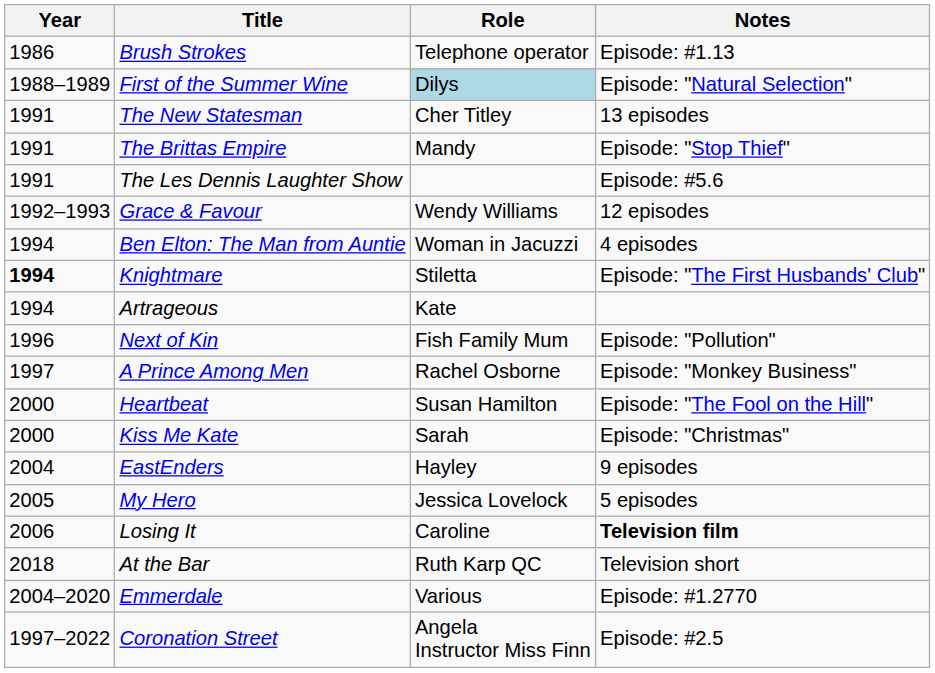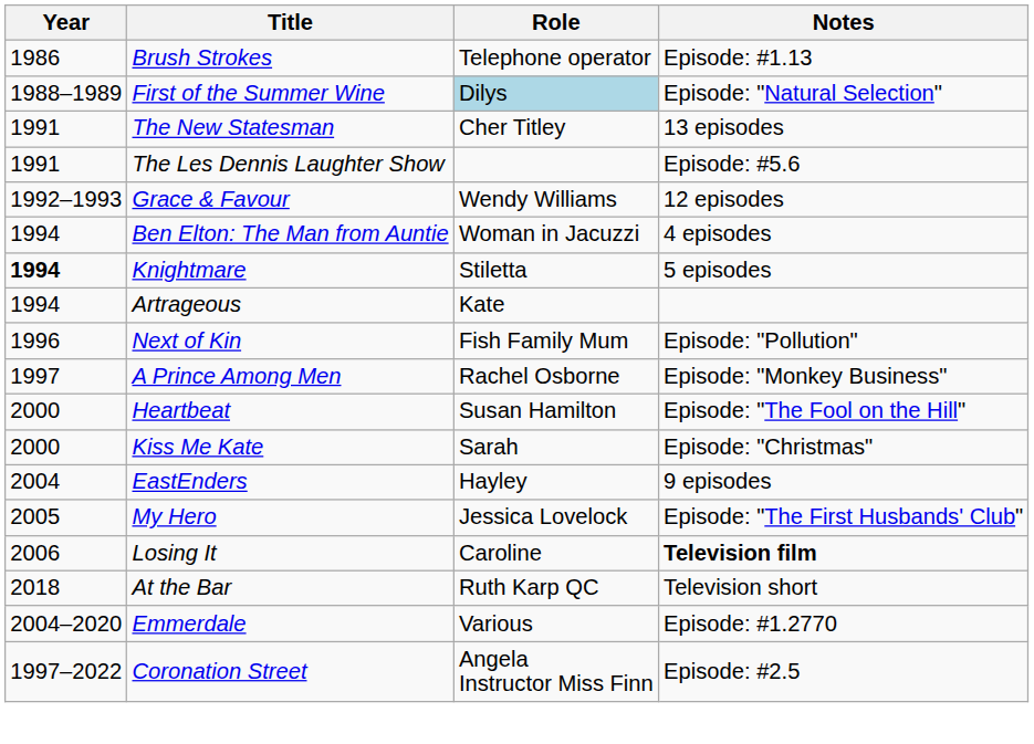 <table class="wikitable sortable">
 <tr>
 <th>Year</th>
 <th>Title</th>
 <th>Role</th>
 <th class="unsortable">Notes</th>
 </tr>
 <tr>
 <td>1986</td>
 <td><em><a href='#'>Brush Strokes</a></em></td>
 <td>Telephone operator</td>
 <td>Episode: #1.13</td>
 </tr>
 <tr>
 <td>1988–1989</td>
 <td><em><a href='#'>First of the Summer Wine</a></em></td>
 <td style="background: lightblue;">Dilys</td>
 <td>Episode: "<a href='#'>Natural Selection</a>"</td>
 </tr>
 <tr>
 <td>1991</td>
 <td><em><a href='#'>The New Statesman</a></em></td>
 <td>Cher Titley</td>
 <td>13 episodes</td>
 </tr>
 <tr>
 <td>1991</td>
-<td><em><a href='#'>The Brittas Empire</a></em></td>
-<td>Mandy</td>
-<td>Episode: "<a href='#'>Stop Thief</a>"</td>
-</tr>
-<tr>
-<td>1991</td>
 <td><em>The Les Dennis Laughter Show</em></td>
 <td></td>
 <td>Episode: #5.6</td>
 </tr>
 <tr>
 <td>1992–1993</td>
 <td><em><a href='#'>Grace & Favour</a></em></td>
 <td>Wendy Williams</td>
 <td>12 episodes</td>
 </tr>
 <tr>
 <td>1994</td>
 <td><em><a href='#'>Ben Elton: The Man from Auntie</a></em></td>
 <td>Woman in Jacuzzi</td>
 <td>4 episodes</td>
 </tr>
 <tr>
 <td><strong>1994</strong></td>
 <td><em><a href='#'>Knightmare</a></em></td>
 <td>Stiletta</td>
-<td>Episode: "<a href='#'>The First Husbands' Club</a>"</td>
+<td>5 episodes</td>
 </tr>
 <tr>
 <td>1994</td>
 <td><em>Artrageous</em></td>
 <td>Kate</td>
 <td></td>
 </tr>
 <tr>
 <td>1996</td>
 <td><em><a href='#'>Next of Kin</a></em></td>
 <td>Fish Family Mum</td>
 <td>Episode: "Pollution"</td>
 </tr>
 <tr>
 <td>1997</td>
 <td><em><a href='#'>A Prince Among Men</a></em></td>
 <td>Rachel Osborne</td>
 <td>Episode: "Monkey Business"</td>
 </tr>
 <tr>
 <td>2000</td>
 <td><em><a href='#'>Heartbeat</a></em></td>
 <td>Susan Hamilton</td>
 <td>Episode: "<a href='#'>The Fool on the Hill</a>"</td>
 </tr>
 <tr>
 <td>2000</td>
 <td><em><a href='#'>Kiss Me Kate</a></em></td>
 <td>Sarah</td>
 <td>Episode: "Christmas"</td>
 </tr>
 <tr>
 <td>2004</td>
 <td><em><a href='#'>EastEnders</a></em></td>
 <td>Hayley</td>
 <td>9 episodes</td>
 </tr>
 <tr>
 <td>2005</td>
 <td><em><a href='#'>My Hero</a></em></td>
 <td>Jessica Lovelock</td>
-<td>5 episodes</td>
+<td>Episode: "<a href='#'>The First Husbands' Club</a>"</td>
 </tr>
 <tr>
 <td>2006</td>
 <td><em>Losing It</em></td>
 <td>Caroline</td>
 <td><strong>Television film</strong></td>
 </tr>
 <tr>
 <td>2018</td>
 <td><em>At the Bar</em></td>
 <td>Ruth Karp QC</td>
 <td>Television short</td>
 </tr>
 <tr>
 <td>2004–2020</td>
 <td><em><a href='#'>Emmerdale</a></em></td>
 <td>Various</td>
 <td>Episode: #1.2770</td>
 </tr>
 <tr>
 <td>1997–2022</td>
 <td><em><a href='#'>Coronation Street</a></em></td>
 <td>Angela<br>Instructor Miss Finn</td>
 <td>Episode: #2.5</td>
 </tr>
 </table>
